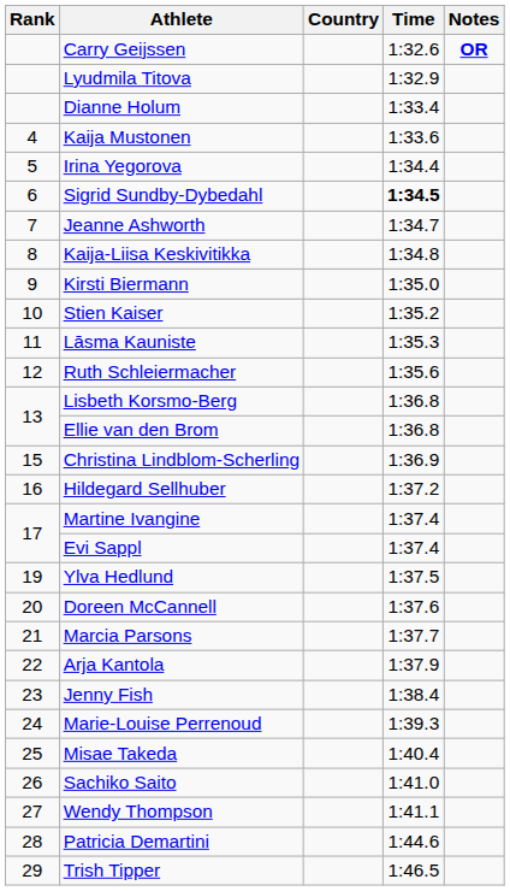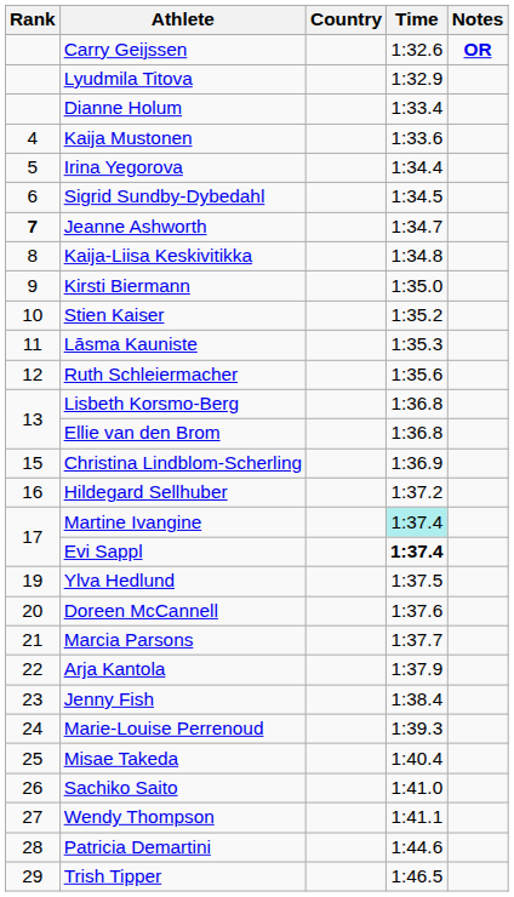 <table class="wikitable sortable" style="text-align:center">
 <tr>
 <th>Rank</th>
 <th>Athlete</th>
 <th>Country</th>
 <th>Time</th>
 <th>Notes</th>
 </tr>
 <tr>
 <td></td>
 <td align=left><a href='#'>Carry Geijssen</a></td>
 <td align=left></td>
 <td>1:32.6</td>
 <td><strong><a href='#'>OR</a></strong></td>
 </tr>
 <tr>
 <td></td>
 <td align=left><a href='#'>Lyudmila Titova</a></td>
 <td align=left></td>
 <td>1:32.9</td>
 <td></td>
 </tr>
 <tr>
 <td></td>
 <td align=left><a href='#'>Dianne Holum</a></td>
 <td align=left></td>
 <td>1:33.4</td>
 <td></td>
 </tr>
 <tr>
 <td>4</td>
 <td align=left><a href='#'>Kaija Mustonen</a></td>
 <td align=left></td>
 <td>1:33.6</td>
 <td></td>
 </tr>
 <tr>
 <td>5</td>
 <td align=left><a href='#'>Irina Yegorova</a></td>
 <td align=left></td>
 <td>1:34.4</td>
 <td></td>
 </tr>
 <tr>
 <td>6</td>
 <td align=left><a href='#'>Sigrid Sundby-Dybedahl</a></td>
 <td align=left></td>
-<td><strong>1:34.5</strong></td>
+<td>1:34.5</td>
 <td></td>
 </tr>
 <tr>
-<td>7</td>
+<td><strong>7</strong></td>
 <td align=left><a href='#'>Jeanne Ashworth</a></td>
 <td align=left></td>
 <td>1:34.7</td>
 <td></td>
 </tr>
 <tr>
 <td>8</td>
 <td align=left><a href='#'>Kaija-Liisa Keskivitikka</a></td>
 <td align=left></td>
 <td>1:34.8</td>
 <td></td>
 </tr>
 <tr>
 <td>9</td>
 <td align=left><a href='#'>Kirsti Biermann</a></td>
 <td align=left></td>
 <td>1:35.0</td>
 <td></td>
 </tr>
 <tr>
 <td>10</td>
 <td align=left><a href='#'>Stien Kaiser</a></td>
 <td align=left></td>
 <td>1:35.2</td>
 <td></td>
 </tr>
 <tr>
 <td>11</td>
 <td align=left><a href='#'>Lāsma Kauniste</a></td>
 <td align=left></td>
 <td>1:35.3</td>
 <td></td>
 </tr>
 <tr>
 <td>12</td>
 <td align=left><a href='#'>Ruth Schleiermacher</a></td>
 <td align=left></td>
 <td>1:35.6</td>
 <td></td>
 </tr>
 <tr>
 <td rowspan=2>13</td>
 <td align=left><a href='#'>Lisbeth Korsmo-Berg</a></td>
 <td align=left></td>
 <td>1:36.8</td>
 <td></td>
 </tr>
 <tr>
 <td align=left><a href='#'>Ellie van den Brom</a></td>
 <td align=left></td>
 <td>1:36.8</td>
 <td></td>
 </tr>
 <tr>
 <td>15</td>
 <td align=left><a href='#'>Christina Lindblom-Scherling</a></td>
 <td align=left></td>
 <td>1:36.9</td>
 <td></td>
 </tr>
 <tr>
 <td>16</td>
 <td align=left><a href='#'>Hildegard Sellhuber</a></td>
 <td align=left></td>
 <td>1:37.2</td>
 <td></td>
 </tr>
 <tr>
 <td rowspan=2>17</td>
 <td align=left><a href='#'>Martine Ivangine</a></td>
 <td align=left></td>
-<td>1:37.4</td>
+<td style="background: paleturquoise;">1:37.4</td>
 <td></td>
 </tr>
 <tr>
 <td align=left><a href='#'>Evi Sappl</a></td>
 <td align=left></td>
-<td>1:37.4</td>
+<td><strong>1:37.4</strong></td>
 <td></td>
 </tr>
 <tr>
 <td>19</td>
 <td align=left><a href='#'>Ylva Hedlund</a></td>
 <td align=left></td>
 <td>1:37.5</td>
 <td></td>
 </tr>
 <tr>
 <td>20</td>
 <td align=left><a href='#'>Doreen McCannell</a></td>
 <td align=left></td>
 <td>1:37.6</td>
 <td></td>
 </tr>
 <tr>
 <td>21</td>
 <td align=left><a href='#'>Marcia Parsons</a></td>
 <td align=left></td>
 <td>1:37.7</td>
 <td></td>
 </tr>
 <tr>
 <td>22</td>
 <td align=left><a href='#'>Arja Kantola</a></td>
 <td align=left></td>
 <td>1:37.9</td>
 <td></td>
 </tr>
 <tr>
 <td>23</td>
 <td align=left><a href='#'>Jenny Fish</a></td>
 <td align=left></td>
 <td>1:38.4</td>
 <td></td>
 </tr>
 <tr>
 <td>24</td>
 <td align=left><a href='#'>Marie-Louise Perrenoud</a></td>
 <td align=left></td>
 <td>1:39.3</td>
 <td></td>
 </tr>
 <tr>
 <td>25</td>
 <td align=left><a href='#'>Misae Takeda</a></td>
 <td align=left></td>
 <td>1:40.4</td>
 <td></td>
 </tr>
 <tr>
 <td>26</td>
 <td align=left><a href='#'>Sachiko Saito</a></td>
 <td align=left></td>
 <td>1:41.0</td>
 <td></td>
 </tr>
 <tr>
 <td>27</td>
 <td align=left><a href='#'>Wendy Thompson</a></td>
 <td align=left></td>
 <td>1:41.1</td>
 <td></td>
 </tr>
 <tr>
 <td>28</td>
 <td align=left><a href='#'>Patricia Demartini</a></td>
 <td align=left></td>
 <td>1:44.6</td>
 <td></td>
 </tr>
 <tr>
 <td>29</td>
 <td align=left><a href='#'>Trish Tipper</a></td>
 <td align=left></td>
 <td>1:46.5</td>
 <td></td>
 </tr>
 </table>
